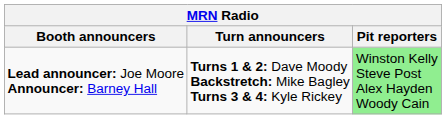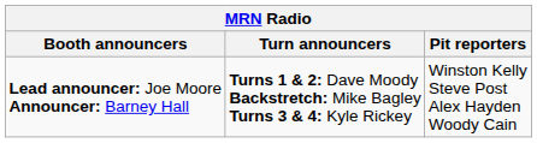 <table class="wikitable" style="font-size: 95%;">
 <tr>
 <th colspan="3"><a href='#'>MRN</a> Radio</th>
 </tr>
 <tr>
 <th>Booth announcers</th>
 <th>Turn announcers</th>
 <th>Pit reporters</th>
 </tr>
 <tr>
 <td><strong>Lead announcer:</strong> Joe Moore<br><strong>Announcer:</strong> <a href='#'>Barney Hall</a></td>
 <td><strong>Turns 1 & 2:</strong> Dave Moody<br><strong>Backstretch:</strong> Mike Bagley<br><strong>Turns 3 & 4:</strong> Kyle Rickey</td>
-<td style="background: lightgreen;">Winston Kelly<br>Steve Post<br>Alex Hayden<br>Woody Cain</td>
+<td>Winston Kelly<br>Steve Post<br>Alex Hayden<br>Woody Cain</td>
 </tr>
 </table>
